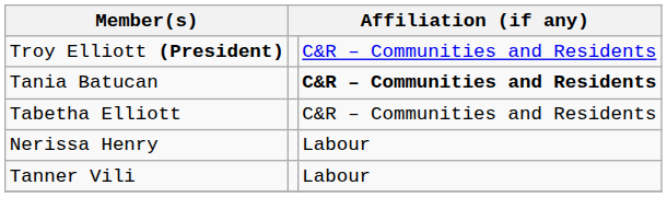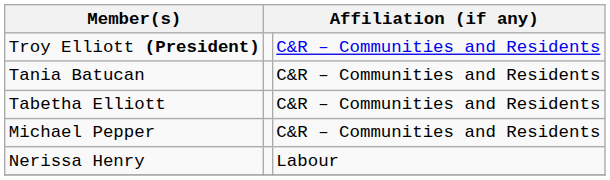 <table class="wikitable">
 <tr>
 <th>Member(s)</th>
 <th colspan="2">Affiliation (if any)</th>
 </tr>
 <tr>
 <td>Troy Elliott <strong>(President)</strong></td>
 <td></td>
 <td><a href='#'>C&R – Communities and Residents</a></td>
 </tr>
 <tr>
 <td>Tania Batucan</td>
 <td></td>
-<td><strong>C&R – Communities and Residents</strong></td>
+<td>C&R – Communities and Residents</td>
 </tr>
 <tr>
 <td>Tabetha Elliott</td>
+<td></td>
+<td>C&R – Communities and Residents</td>
+</tr>
+<tr>
+<td>Michael Pepper</td>
 <td></td>
 <td>C&R – Communities and Residents</td>
 </tr>
 <tr>
 <td>Nerissa Henry</td>
 <td></td>
 <td>Labour</td>
 </tr>
 <tr>
-<td>Tanner Vili</td>
-<td></td>
-<td>Labour</td>
-</tr>
-<tr>
 </tr>
 </table>
